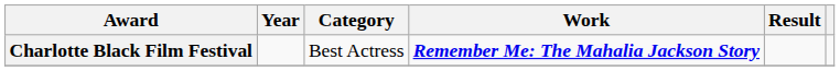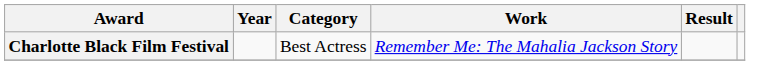 <table class="wikitable sortable plainrowheaders">
 <tr>
 <th scope="col">Award</th>
 <th scope="col">Year</th>
 <th scope="col">Category</th>
 <th scope="col">Work</th>
 <th scope="col">Result</th>
 <th scope="col" class="unsortable"></th>
 </tr>
 <tr>
 <th scope="row" rowspan="1">Charlotte Black Film Festival</th>
 <td></td>
 <td>Best Actress</td>
-<td><strong><em><a href='#'>Remember Me: The Mahalia Jackson Story</a></em></strong></td>
+<td><em><a href='#'>Remember Me: The Mahalia Jackson Story</a></em></td>
 <td></td>
 <td></td>
 </tr>
 <tr>
 </tr>
 </table>
